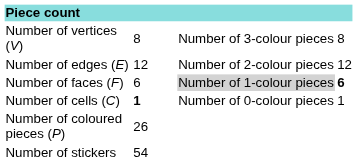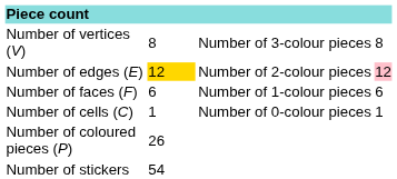 <table>
 <tr>
 <td colspan="4" style="background:#88DDDD;font-weight:bold;">Piece count</td>
 </tr>
 <tr>
 <td>Number of vertices (<em>V</em>)</td>
 <td style="width:50px;">8</td>
 <td>Number of 3-colour pieces</td>
 <td>8</td>
 </tr>
 <tr>
 <td>Number of edges (<em>E</em>)</td>
-<td>12</td>
+<td style="background: gold;">12</td>
 <td>Number of 2-colour pieces</td>
-<td>12</td>
+<td style="background: pink;">12</td>
 </tr>
 <tr>
 <td>Number of faces (<em>F</em>)</td>
 <td>6</td>
-<td style="background: lightgrey;">Number of 1-colour pieces</td>
-<td><strong>6</strong></td>
+<td>Number of 1-colour pieces</td>
+<td>6</td>
 </tr>
 <tr>
 <td>Number of cells (<em>C</em>)</td>
-<td><strong>1</strong></td>
+<td>1</td>
 <td>Number of 0-colour pieces</td>
 <td>1</td>
 </tr>
 <tr>
 <td style="width:150px;">Number of coloured pieces (<em>P</em>)</td>
 <td>26</td>
 </tr>
 <tr>
 <td>Number of stickers</td>
 <td>54</td>
 </tr>
 </table>
